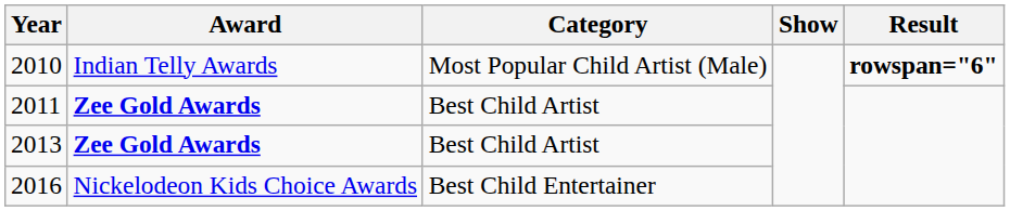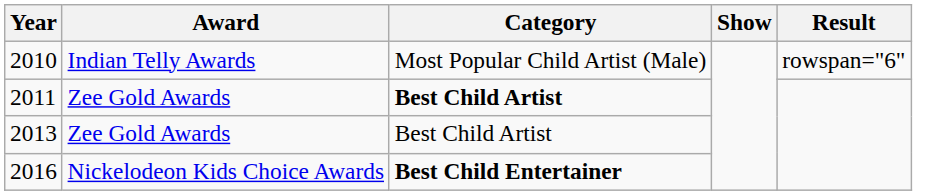 <table class="wikitable">
 <tr>
 <th>Year</th>
 <th>Award</th>
 <th>Category</th>
 <th>Show</th>
 <th>Result</th>
 </tr>
 <tr>
 <td>2010</td>
 <td><a href='#'>Indian Telly Awards</a></td>
 <td>Most Popular Child Artist (Male)</td>
 <td rowspan="4"></td>
-<td><strong>rowspan="6" </strong></td>
+<td>rowspan="6" </td>
 </tr>
 <tr>
 <td>2011</td>
-<td><strong><a href='#'>Zee Gold Awards</a></strong></td>
-<td>Best Child Artist</td>
+<td><a href='#'>Zee Gold Awards</a></td>
+<td><strong>Best Child Artist</strong></td>
 </tr>
 <tr>
 <td>2013</td>
-<td><strong><a href='#'>Zee Gold Awards</a></strong></td>
+<td><a href='#'>Zee Gold Awards</a></td>
 <td>Best Child Artist</td>
 </tr>
 <tr>
 <td>2016</td>
 <td><a href='#'>Nickelodeon Kids Choice Awards</a></td>
-<td>Best Child Entertainer</td>
+<td><strong>Best Child Entertainer</strong></td>
 </tr>
 </table>
